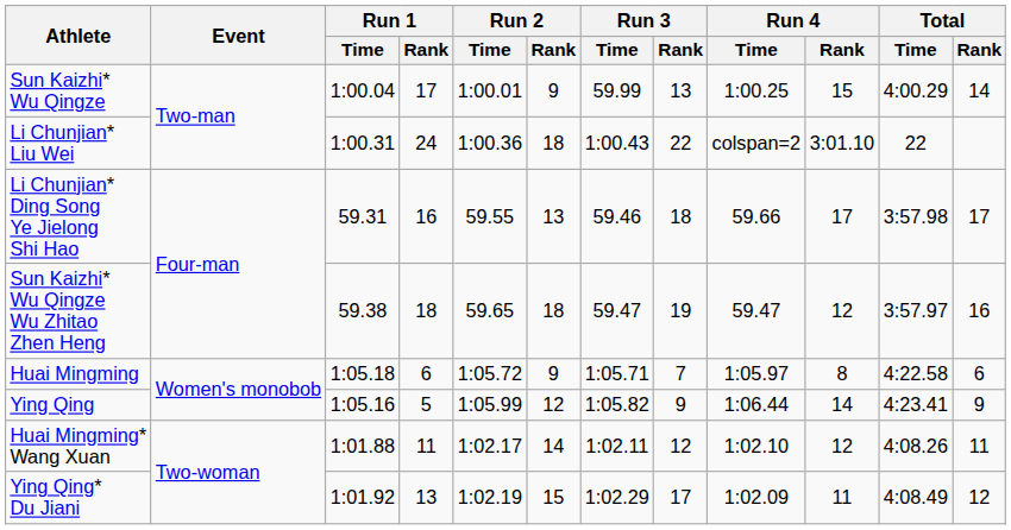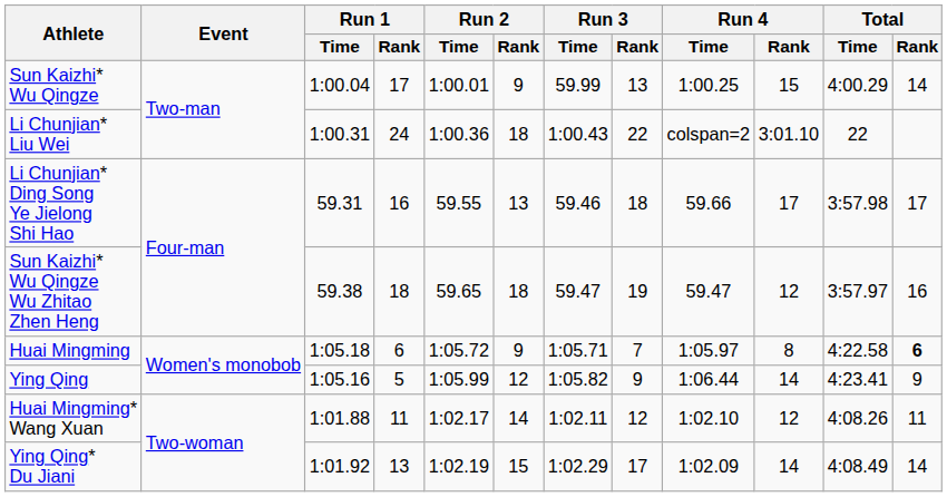 <table class="wikitable" style="font-size:90%">
 <tr>
 <th rowspan="2">Athlete</th>
 <th rowspan="2">Event</th>
 <th colspan="2">Run 1</th>
 <th colspan="2">Run 2</th>
 <th colspan="2">Run 3</th>
 <th colspan="2">Run 4</th>
 <th colspan="2">Total</th>
 </tr>
 <tr style="font-size:95%">
 <th>Time</th>
 <th>Rank</th>
 <th>Time</th>
 <th>Rank</th>
 <th>Time</th>
 <th>Rank</th>
 <th>Time</th>
 <th>Rank</th>
 <th>Time</th>
 <th>Rank</th>
 </tr>
 <tr align=center>
 <td align=left><a href='#'>Sun Kaizhi</a>*<br><a href='#'>Wu Qingze</a></td>
 <td align=left rowspan=2><a href='#'>Two-man</a></td>
 <td>1:00.04</td>
 <td>17</td>
 <td>1:00.01</td>
 <td>9</td>
 <td>59.99</td>
 <td>13</td>
 <td>1:00.25</td>
 <td>15</td>
 <td>4:00.29</td>
 <td>14</td>
 </tr>
 <tr align=center>
 <td align=left><a href='#'>Li Chunjian</a>*<br><a href='#'>Liu Wei</a></td>
 <td>1:00.31</td>
 <td>24</td>
 <td>1:00.36</td>
 <td>18</td>
 <td>1:00.43</td>
 <td>22</td>
 <td>colspan=2 </td>
 <td>3:01.10</td>
 <td>22</td>
 </tr>
 <tr align=center>
 <td align=left><a href='#'>Li Chunjian</a>*<br><a href='#'>Ding Song</a><br><a href='#'>Ye Jielong</a><br><a href='#'>Shi Hao</a></td>
 <td align=left rowspan=2><a href='#'>Four-man</a></td>
 <td>59.31</td>
 <td>16</td>
 <td>59.55</td>
 <td>13</td>
 <td>59.46</td>
 <td>18</td>
 <td>59.66</td>
 <td>17</td>
 <td>3:57.98</td>
 <td>17</td>
 </tr>
 <tr align=center>
 <td align=left><a href='#'>Sun Kaizhi</a>*<br><a href='#'>Wu Qingze</a><br><a href='#'>Wu Zhitao</a><br><a href='#'>Zhen Heng</a></td>
 <td>59.38</td>
 <td>18</td>
 <td>59.65</td>
 <td>18</td>
 <td>59.47</td>
 <td>19</td>
 <td>59.47</td>
 <td>12</td>
 <td>3:57.97</td>
 <td>16</td>
 </tr>
 <tr align=center>
 <td align=left><a href='#'>Huai Mingming</a></td>
 <td align=left rowspan=2><a href='#'>Women's monobob</a></td>
 <td>1:05.18</td>
 <td>6</td>
 <td>1:05.72</td>
 <td>9</td>
 <td>1:05.71</td>
 <td>7</td>
 <td>1:05.97</td>
 <td>8</td>
 <td>4:22.58</td>
-<td>6</td>
+<td><strong>6</strong></td>
 </tr>
 <tr align=center>
 <td align=left><a href='#'>Ying Qing</a></td>
 <td>1:05.16</td>
 <td>5</td>
 <td>1:05.99</td>
 <td>12</td>
 <td>1:05.82</td>
 <td>9</td>
 <td>1:06.44</td>
 <td>14</td>
 <td>4:23.41</td>
 <td>9</td>
 </tr>
 <tr align=center>
 <td align=left><a href='#'>Huai Mingming</a>*<br>Wang Xuan</td>
 <td align=left rowspan=2><a href='#'>Two-woman</a></td>
 <td>1:01.88</td>
 <td>11</td>
 <td>1:02.17</td>
 <td>14</td>
 <td>1:02.11</td>
 <td>12</td>
 <td>1:02.10</td>
 <td>12</td>
 <td>4:08.26</td>
 <td>11</td>
 </tr>
 <tr align=center>
 <td align=left><a href='#'>Ying Qing</a>*<br><a href='#'>Du Jiani</a></td>
 <td>1:01.92</td>
 <td>13</td>
 <td>1:02.19</td>
 <td>15</td>
 <td>1:02.29</td>
 <td>17</td>
 <td>1:02.09</td>
-<td>11</td>
+<td>14</td>
 <td>4:08.49</td>
-<td>12</td>
+<td>14</td>
 </tr>
 </table>
